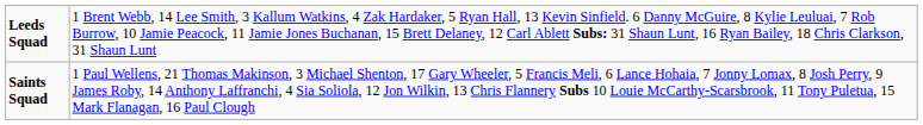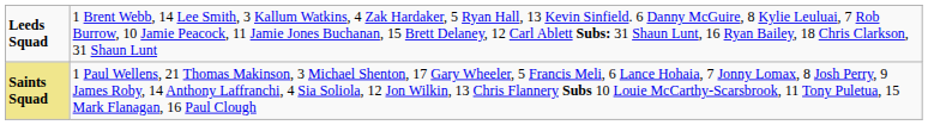 <table class="wikitable" style="font-size:85%;">
 <tr>
 <td><strong>Leeds Squad</strong></td>
 <td>1 <a href='#'>Brent Webb</a>, 14 <a href='#'>Lee Smith</a>, 3 <a href='#'>Kallum Watkins</a>, 4 <a href='#'>Zak Hardaker</a>, 5 <a href='#'>Ryan Hall</a>, 13 <a href='#'>Kevin Sinfield</a>. 6 <a href='#'>Danny McGuire</a>, 8 <a href='#'>Kylie Leuluai</a>, 7 <a href='#'>Rob Burrow</a>, 10 <a href='#'>Jamie Peacock</a>, 11 <a href='#'>Jamie Jones Buchanan</a>, 15 <a href='#'>Brett Delaney</a>, 12 <a href='#'>Carl Ablett</a> <strong>Subs:</strong> 31 <a href='#'>Shaun Lunt</a>, 16 <a href='#'>Ryan Bailey</a>, 18 <a href='#'>Chris Clarkson</a>, 31 <a href='#'>Shaun Lunt</a></td>
 </tr>
 <tr>
-<td><strong>Saints Squad</strong></td>
+<td style="background: khaki;"><strong>Saints Squad</strong></td>
 <td>1 <a href='#'>Paul Wellens</a>, 21 <a href='#'>Thomas Makinson</a>, 3 <a href='#'>Michael Shenton</a>, 17 <a href='#'>Gary Wheeler</a>, 5 <a href='#'>Francis Meli</a>, 6 <a href='#'>Lance Hohaia</a>, 7 <a href='#'>Jonny Lomax</a>, 8 <a href='#'>Josh Perry</a>, 9 <a href='#'>James Roby</a>, 14 <a href='#'>Anthony Laffranchi</a>, 4 <a href='#'>Sia Soliola</a>, 12 <a href='#'>Jon Wilkin</a>, 13 <a href='#'>Chris Flannery</a> <strong>Subs</strong> 10 <a href='#'>Louie McCarthy-Scarsbrook</a>, 11 <a href='#'>Tony Puletua</a>, 15 <a href='#'>Mark Flanagan</a>, 16 <a href='#'>Paul Clough</a></td>
 </tr>
 </table>
